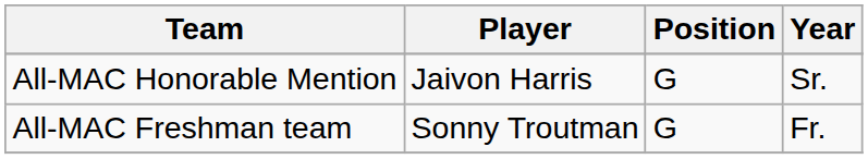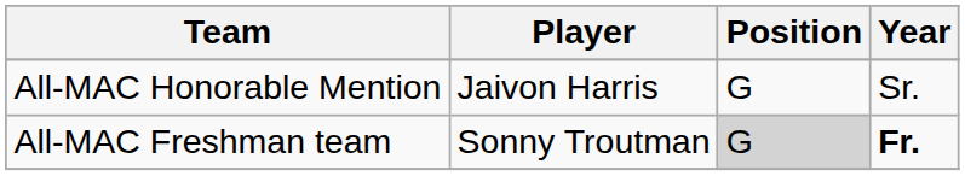 <table class="wikitable" border="1">
 <tr align=center>
 <th style= >Team</th>
 <th style= >Player</th>
 <th style= >Position</th>
 <th style= >Year</th>
 </tr>
 <tr align="center">
 </tr>
 <tr>
 <td>All-MAC Honorable Mention</td>
 <td>Jaivon Harris</td>
 <td>G</td>
 <td>Sr.</td>
 </tr>
 <tr>
 <td>All-MAC Freshman team</td>
 <td>Sonny Troutman</td>
-<td>G</td>
-<td>Fr.</td>
+<td style="background: lightgrey;">G</td>
+<td><strong>Fr.</strong></td>
 </tr>
 <tr>
 </tr>
 </table>
